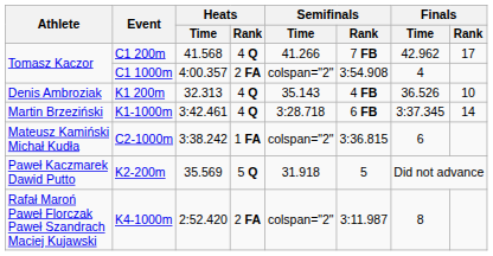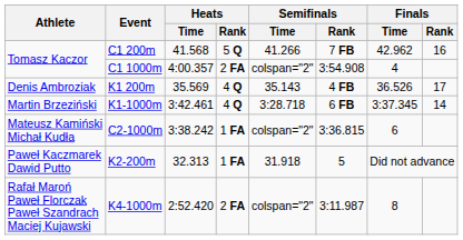 <table class="wikitable" style="font-size:90%">
 <tr>
 <th rowspan="2">Athlete</th>
 <th rowspan="2">Event</th>
 <th colspan=2>Heats</th>
 <th colspan=2>Semifinals</th>
 <th colspan=2>Finals</th>
 </tr>
 <tr style="font-size:95%">
 <th>Time</th>
 <th>Rank</th>
 <th>Time</th>
 <th>Rank</th>
 <th>Time</th>
 <th>Rank</th>
 </tr>
 <tr align=center>
 <td align=left rowspan=2><a href='#'>Tomasz Kaczor</a></td>
 <td align=left><a href='#'>C1 200m</a></td>
 <td>41.568</td>
-<td>4 <strong>Q</strong></td>
+<td>5 <strong>Q</strong></td>
 <td>41.266</td>
 <td>7 <strong>FB</strong></td>
 <td>42.962</td>
-<td>17</td>
+<td>16</td>
 </tr>
 <tr align=center>
 <td align=left><a href='#'>C1 1000m</a></td>
 <td>4:00.357</td>
 <td>2 <strong>FA</strong></td>
 <td>colspan="2" </td>
 <td>3:54.908</td>
 <td>4</td>
 </tr>
 <tr align=center>
 <td align=left><a href='#'>Denis Ambroziak</a></td>
 <td align=left><a href='#'>K1 200m</a></td>
-<td>32.313</td>
+<td>35.569</td>
 <td>4 <strong>Q</strong></td>
 <td>35.143</td>
 <td>4 <strong>FB</strong></td>
 <td>36.526</td>
-<td>10</td>
+<td>17</td>
 </tr>
 <tr align=center>
 <td align=left><a href='#'>Martin Brzeziński</a></td>
 <td align=left><a href='#'>K1-1000m</a></td>
 <td>3:42.461</td>
 <td>4 <strong>Q</strong></td>
 <td>3:28.718</td>
 <td>6 <strong>FB</strong></td>
 <td>3:37.345</td>
 <td>14</td>
 </tr>
 <tr align=center>
 <td align=left><a href='#'>Mateusz Kamiński</a><br><a href='#'>Michał Kudła</a></td>
 <td align=left><a href='#'>C2-1000m</a></td>
 <td>3:38.242</td>
 <td>1 <strong>FA</strong></td>
 <td>colspan="2" </td>
 <td>3:36.815</td>
 <td>6</td>
 </tr>
 <tr align=center>
 <td align=left><a href='#'>Paweł Kaczmarek</a><br><a href='#'>Dawid Putto</a></td>
 <td align=left><a href='#'>K2-200m</a></td>
-<td>35.569</td>
-<td>5 <strong>Q</strong></td>
+<td>32.313</td>
+<td>1 <strong>FA</strong></td>
 <td>31.918</td>
 <td>5</td>
 <td colspan=2>Did not advance</td>
 </tr>
 <tr align=center>
 <td align=left><a href='#'>Rafał Maroń</a><br><a href='#'>Paweł Florczak</a><br> <a href='#'>Paweł Szandrach</a><br><a href='#'>Maciej Kujawski</a></td>
 <td align=left><a href='#'>K4-1000m</a></td>
 <td>2:52.420</td>
 <td>2 <strong>FA</strong></td>
 <td>colspan="2" </td>
 <td>3:11.987</td>
 <td>8</td>
 </tr>
 </table>
